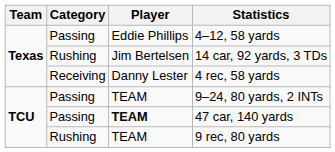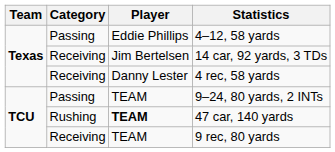 <table class="wikitable" style="float: right;">
 <tr>
 <th>Team</th>
 <th>Category</th>
 <th>Player</th>
 <th>Statistics</th>
 </tr>
 <tr>
 <td rowspan=3><strong>Texas</strong></td>
 <td>Passing</td>
 <td>Eddie Phillips</td>
 <td>4–12, 58 yards</td>
 </tr>
 <tr>
-<td>Rushing</td>
+<td>Receiving</td>
 <td>Jim Bertelsen</td>
 <td>14 car, 92 yards, 3 TDs</td>
 </tr>
 <tr>
 <td>Receiving</td>
 <td>Danny Lester</td>
 <td>4 rec, 58 yards</td>
 </tr>
 <tr>
 <td rowspan=3><strong>TCU</strong></td>
 <td>Passing</td>
 <td>TEAM</td>
 <td>9–24, 80 yards, 2 INTs</td>
 </tr>
 <tr>
-<td>Passing</td>
+<td>Rushing</td>
 <td><strong>TEAM</strong></td>
 <td>47 car, 140 yards</td>
 </tr>
 <tr>
-<td>Rushing</td>
+<td>Receiving</td>
 <td>TEAM</td>
 <td>9 rec, 80 yards</td>
 </tr>
 </table>
